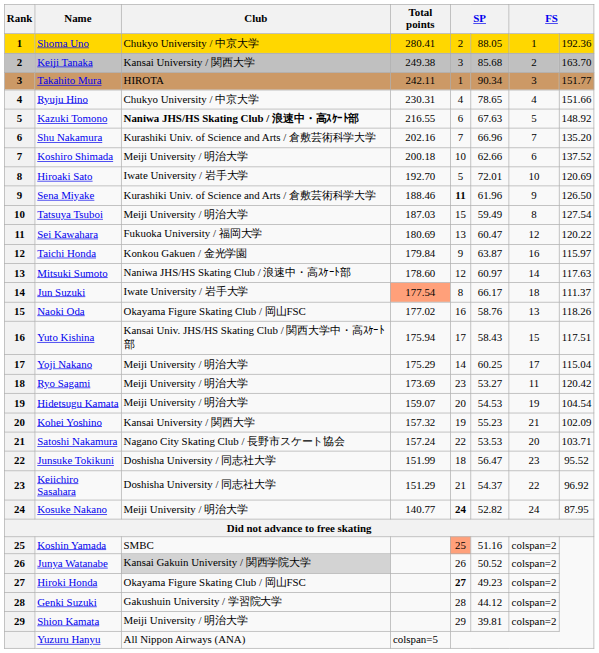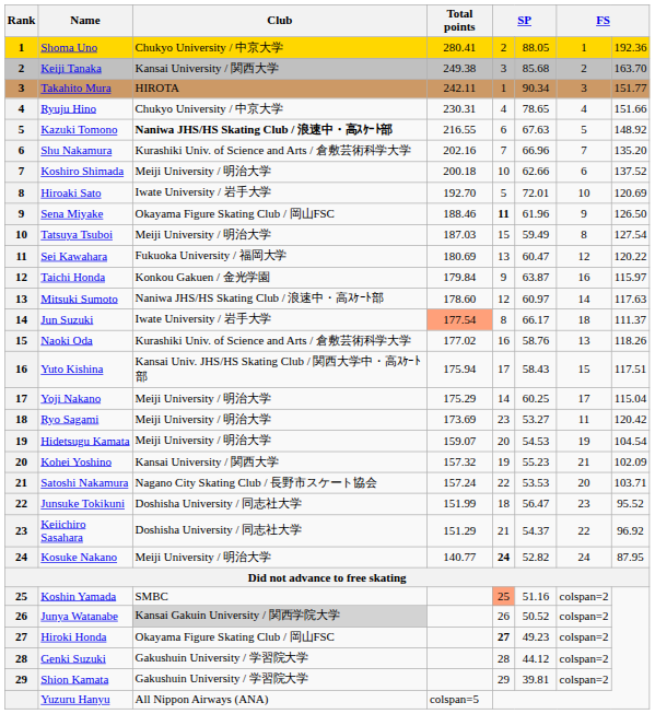 <table class="wikitable sortable">
 <tr>
 <th>Rank</th>
 <th>Name</th>
 <th>Club</th>
 <th>Total points</th>
 <th colspan="2" width="80px"><a href='#'>SP</a></th>
 <th colspan="2" width="80px"><a href='#'>FS</a></th>
 </tr>
 <tr bgcolor="gold">
 <td align="center"><strong>1</strong></td>
 <td><a href='#'>Shoma Uno</a></td>
 <td>Chukyo University / 中京大学</td>
 <td align="center">280.41</td>
 <td align="center">2</td>
 <td align="center">88.05</td>
 <td align="center">1</td>
 <td align="center">192.36</td>
 </tr>
 <tr bgcolor="silver">
 <td align="center"><strong>2</strong></td>
 <td><a href='#'>Keiji Tanaka</a></td>
 <td>Kansai University / 関西大学</td>
 <td align="center">249.38</td>
 <td align="center">3</td>
 <td align="center">85.68</td>
 <td align="center">2</td>
 <td align="center">163.70</td>
 </tr>
 <tr bgcolor="cc9966">
 <td align="center"><strong>3</strong></td>
 <td><a href='#'>Takahito Mura</a></td>
 <td>HIROTA</td>
 <td align="center">242.11</td>
 <td align="center">1</td>
 <td align="center">90.34</td>
 <td align="center">3</td>
 <td align="center">151.77</td>
 </tr>
 <tr>
 <th>4</th>
 <td><a href='#'>Ryuju Hino</a></td>
 <td>Chukyo University / 中京大学</td>
 <td align="center">230.31</td>
 <td align="center">4</td>
 <td align="center">78.65</td>
 <td align="center">4</td>
 <td align="center">151.66</td>
 </tr>
 <tr>
 <th>5</th>
 <td><a href='#'>Kazuki Tomono</a></td>
 <td><strong>Naniwa JHS/HS Skating Club / 浪速中・高ｽｹｰﾄ部</strong></td>
 <td align="center">216.55</td>
 <td align="center">6</td>
 <td align="center">67.63</td>
 <td align="center">5</td>
 <td align="center">148.92</td>
 </tr>
 <tr>
 <th>6</th>
 <td><a href='#'>Shu Nakamura</a></td>
 <td>Kurashiki Univ. of Science and Arts / 倉敷芸術科学大学</td>
 <td align="center">202.16</td>
 <td align="center">7</td>
 <td align="center">66.96</td>
 <td align="center">7</td>
 <td align="center">135.20</td>
 </tr>
 <tr>
 <th>7</th>
 <td><a href='#'>Koshiro Shimada</a></td>
 <td>Meiji University / 明治大学</td>
 <td align="center">200.18</td>
 <td align="center">10</td>
 <td align="center">62.66</td>
 <td align="center">6</td>
 <td align="center">137.52</td>
 </tr>
 <tr>
 <th>8</th>
 <td><a href='#'>Hiroaki Sato</a></td>
 <td>Iwate University / 岩手大学</td>
 <td align="center">192.70</td>
 <td align="center">5</td>
 <td align="center">72.01</td>
 <td align="center">10</td>
 <td align="center">120.69</td>
 </tr>
 <tr>
 <th>9</th>
 <td><a href='#'>Sena Miyake</a></td>
-<td>Kurashiki Univ. of Science and Arts / 倉敷芸術科学大学</td>
+<td>Okayama Figure Skating Club / 岡山FSC</td>
 <td align="center">188.46</td>
 <td align="center"><strong>11</strong></td>
 <td align="center">61.96</td>
 <td align="center">9</td>
 <td align="center">126.50</td>
 </tr>
 <tr>
 <th>10</th>
 <td><a href='#'>Tatsuya Tsuboi</a></td>
 <td>Meiji University / 明治大学</td>
 <td align="center">187.03</td>
 <td align="center">15</td>
 <td align="center">59.49</td>
 <td align="center">8</td>
 <td align="center">127.54</td>
 </tr>
 <tr>
 <th>11</th>
 <td><a href='#'>Sei Kawahara</a></td>
 <td>Fukuoka University / 福岡大学</td>
 <td align="center">180.69</td>
 <td align="center">13</td>
 <td align="center">60.47</td>
 <td align="center">12</td>
 <td align="center">120.22</td>
 </tr>
 <tr>
 <th>12</th>
 <td><a href='#'>Taichi Honda</a></td>
 <td>Konkou Gakuen / 金光学園</td>
 <td align="center">179.84</td>
 <td align="center">9</td>
 <td align="center">63.87</td>
 <td align="center">16</td>
 <td align="center">115.97</td>
 </tr>
 <tr>
 <th>13</th>
 <td><a href='#'>Mitsuki Sumoto</a></td>
 <td>Naniwa JHS/HS Skating Club / 浪速中・高ｽｹｰﾄ部</td>
 <td align="center">178.60</td>
 <td align="center">12</td>
 <td align="center">60.97</td>
 <td align="center">14</td>
 <td align="center">117.63</td>
 </tr>
 <tr>
 <th>14</th>
 <td><a href='#'>Jun Suzuki</a></td>
 <td>Iwate University / 岩手大学</td>
 <td align="center" style="background: lightsalmon;">177.54</td>
 <td align="center">8</td>
 <td align="center">66.17</td>
 <td align="center">18</td>
 <td align="center">111.37</td>
 </tr>
 <tr>
 <th>15</th>
 <td><a href='#'>Naoki Oda</a></td>
-<td>Okayama Figure Skating Club / 岡山FSC</td>
+<td>Kurashiki Univ. of Science and Arts / 倉敷芸術科学大学</td>
 <td align="center">177.02</td>
 <td align="center">16</td>
 <td align="center">58.76</td>
 <td align="center">13</td>
 <td align="center">118.26</td>
 </tr>
 <tr>
 <th>16</th>
 <td><a href='#'>Yuto Kishina</a></td>
 <td>Kansai Univ. JHS/HS Skating Club / 関西大学中・高ｽｹｰﾄ部</td>
 <td align="center">175.94</td>
 <td align="center">17</td>
 <td align="center">58.43</td>
 <td align="center">15</td>
 <td align="center">117.51</td>
 </tr>
 <tr>
 <th>17</th>
 <td><a href='#'>Yoji Nakano</a></td>
 <td>Meiji University / 明治大学</td>
 <td align="center">175.29</td>
 <td align="center">14</td>
 <td align="center">60.25</td>
 <td align="center">17</td>
 <td align="center">115.04</td>
 </tr>
 <tr>
 <th>18</th>
 <td><a href='#'>Ryo Sagami</a></td>
 <td>Meiji University / 明治大学</td>
 <td align="center">173.69</td>
 <td align="center">23</td>
 <td align="center">53.27</td>
 <td align="center">11</td>
 <td align="center">120.42</td>
 </tr>
 <tr>
 <th>19</th>
 <td><a href='#'>Hidetsugu Kamata</a></td>
 <td>Meiji University / 明治大学</td>
 <td align="center">159.07</td>
 <td align="center">20</td>
 <td align="center">54.53</td>
 <td align="center">19</td>
 <td align="center">104.54</td>
 </tr>
 <tr>
 <th>20</th>
 <td><a href='#'>Kohei Yoshino</a></td>
 <td>Kansai University / 関西大学</td>
 <td align="center">157.32</td>
 <td align="center">19</td>
 <td align="center">55.23</td>
 <td align="center">21</td>
 <td align="center">102.09</td>
 </tr>
 <tr>
 <th>21</th>
 <td><a href='#'>Satoshi Nakamura</a></td>
 <td>Nagano City Skating Club / 長野市スケート協会</td>
 <td align="center">157.24</td>
 <td align="center">22</td>
 <td align="center">53.53</td>
 <td align="center">20</td>
 <td align="center">103.71</td>
 </tr>
 <tr>
 <th>22</th>
 <td><a href='#'>Junsuke Tokikuni</a></td>
 <td>Doshisha University / 同志社大学</td>
 <td align="center">151.99</td>
 <td align="center">18</td>
 <td align="center">56.47</td>
 <td align="center">23</td>
 <td align="center">95.52</td>
 </tr>
 <tr>
 <th>23</th>
 <td><a href='#'>Keiichiro Sasahara</a></td>
 <td>Doshisha University / 同志社大学</td>
 <td align="center">151.29</td>
 <td align="center">21</td>
 <td align="center">54.37</td>
 <td align="center">22</td>
 <td align="center">96.92</td>
 </tr>
 <tr>
 <th>24</th>
 <td><a href='#'>Kosuke Nakano</a></td>
 <td>Meiji University / 明治大学</td>
 <td align="center">140.77</td>
 <td align="center"><strong>24</strong></td>
 <td align="center">52.82</td>
 <td align="center">24</td>
 <td align="center">87.95</td>
 </tr>
 <tr>
 <th colspan=8>Did not advance to free skating</th>
 </tr>
 <tr>
 <th>25</th>
 <td><a href='#'>Koshin Yamada</a></td>
 <td>SMBC</td>
 <td></td>
 <td align="center" style="background: lightsalmon;">25</td>
 <td align="center">51.16</td>
 <td>colspan=2 </td>
 </tr>
 <tr>
 <th>26</th>
 <td><a href='#'>Junya Watanabe</a></td>
 <td style="background: lightgrey;">Kansai Gakuin University / 関西学院大学</td>
 <td></td>
 <td align="center">26</td>
 <td align="center">50.52</td>
 <td>colspan=2 </td>
 </tr>
 <tr>
 <th>27</th>
 <td><a href='#'>Hiroki Honda</a></td>
 <td>Okayama Figure Skating Club / 岡山FSC</td>
 <td></td>
 <td align="center"><strong>27</strong></td>
 <td align="center">49.23</td>
 <td>colspan=2 </td>
 </tr>
 <tr>
 <th>28</th>
 <td><a href='#'>Genki Suzuki</a></td>
 <td>Gakushuin University / 学習院大学</td>
 <td></td>
 <td align="center">28</td>
 <td align="center">44.12</td>
 <td>colspan=2 </td>
 </tr>
 <tr>
 <th>29</th>
 <td><a href='#'>Shion Kamata</a></td>
-<td>Meiji University / 明治大学</td>
+<td>Gakushuin University / 学習院大学</td>
 <td></td>
 <td align="center">29</td>
 <td align="center">39.81</td>
 <td>colspan=2 </td>
 </tr>
 <tr>
 <th></th>
 <td><a href='#'>Yuzuru Hanyu</a></td>
 <td>All Nippon Airways (ANA)</td>
 <td>colspan=5 </td>
 </tr>
 </table>
